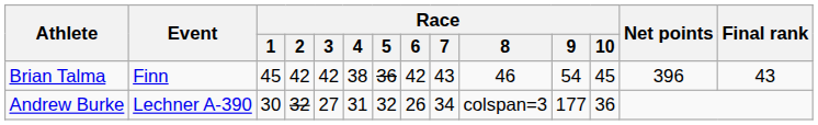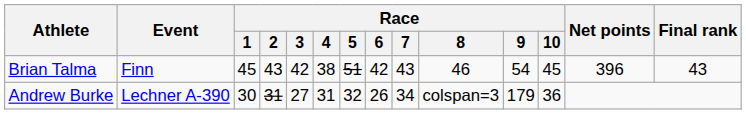 <table class="wikitable" style="font-size:90%">
 <tr>
 <th rowspan=2>Athlete</th>
 <th rowspan=2>Event</th>
 <th colspan=10>Race</th>
 <th rowspan=2>Net points</th>
 <th rowspan=2>Final rank</th>
 </tr>
 <tr style="font-size:95%">
 <th>1</th>
 <th>2</th>
 <th>3</th>
 <th>4</th>
 <th>5</th>
 <th>6</th>
 <th>7</th>
 <th>8</th>
 <th>9</th>
 <th>10</th>
 </tr>
 <tr align=center>
 <td align=left><a href='#'>Brian Talma</a></td>
 <td align=left><a href='#'>Finn</a></td>
 <td>45</td>
-<td>42</td>
+<td>43</td>
 <td>42</td>
 <td>38</td>
-<td><s>36</s></td>
+<td><s>51</s></td>
 <td>42</td>
 <td>43</td>
 <td>46</td>
 <td>54</td>
 <td>45</td>
 <td>396</td>
 <td>43</td>
 </tr>
 <tr align=center>
 <td align=left><a href='#'>Andrew Burke</a></td>
 <td align=left><a href='#'>Lechner A-390</a></td>
 <td>30</td>
-<td><s>32</s></td>
+<td><s>31</s></td>
 <td>27</td>
 <td>31</td>
 <td>32</td>
 <td>26</td>
 <td>34</td>
 <td>colspan=3</td>
-<td>177</td>
+<td>179</td>
 <td>36</td>
 </tr>
 </table>
